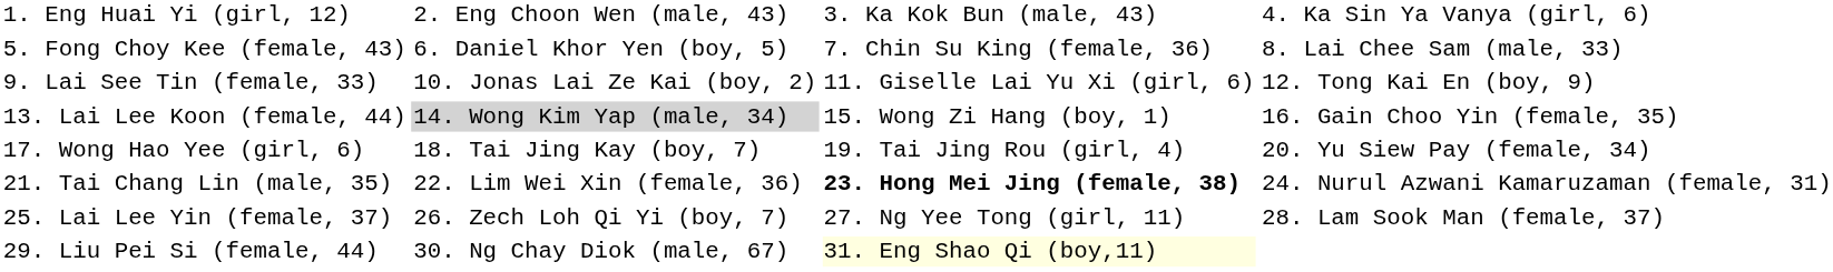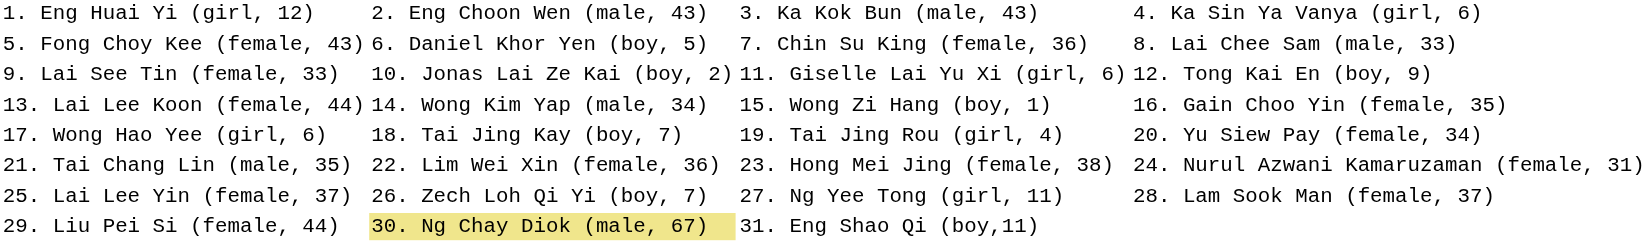 <table class="mw-collapsible mw-collapsed">
 <tr>
 <td>1. Eng Huai Yi (girl, 12)</td>
 <td>2. Eng Choon Wen (male, 43)</td>
 <td>3. Ka Kok Bun (male, 43)</td>
 <td>4. Ka Sin Ya Vanya (girl, 6)</td>
 </tr>
 <tr>
 <td>5. Fong Choy Kee (female, 43)</td>
 <td>6. Daniel Khor Yen (boy, 5)</td>
 <td>7. Chin Su King (female, 36)</td>
 <td>8. Lai Chee Sam (male, 33)</td>
 </tr>
 <tr>
 <td>9. Lai See Tin (female, 33)</td>
 <td>10. Jonas Lai Ze Kai (boy, 2)</td>
 <td>11. Giselle Lai Yu Xi (girl, 6)</td>
 <td>12. Tong Kai En (boy, 9)</td>
 </tr>
 <tr>
 <td>13. Lai Lee Koon (female, 44)</td>
-<td style="background: lightgrey;">14. Wong Kim Yap (male, 34)</td>
+<td>14. Wong Kim Yap (male, 34)</td>
 <td>15. Wong Zi Hang (boy, 1)</td>
 <td>16. Gain Choo Yin (female, 35)</td>
 </tr>
 <tr>
 <td>17. Wong Hao Yee (girl, 6)</td>
 <td>18. Tai Jing Kay (boy, 7)</td>
 <td>19. Tai Jing Rou (girl, 4)</td>
 <td>20. Yu Siew Pay (female, 34)</td>
 </tr>
 <tr>
 <td>21. Tai Chang Lin (male, 35)</td>
 <td>22. Lim Wei Xin (female, 36)</td>
-<td><strong>23. Hong Mei Jing (female, 38)</strong></td>
+<td>23. Hong Mei Jing (female, 38)</td>
 <td>24. Nurul Azwani Kamaruzaman (female, 31)</td>
 </tr>
 <tr>
 <td>25. Lai Lee Yin (female, 37)</td>
 <td>26. Zech Loh Qi Yi (boy, 7)</td>
 <td>27. Ng Yee Tong (girl, 11)</td>
 <td>28. Lam Sook Man (female, 37)</td>
 </tr>
 <tr>
 <td>29. Liu Pei Si (female, 44)</td>
-<td>30. Ng Chay Diok (male, 67)</td>
-<td style="background: lightyellow;">31. Eng Shao Qi (boy,11)</td>
+<td style="background: khaki;">30. Ng Chay Diok (male, 67)</td>
+<td>31. Eng Shao Qi (boy,11)</td>
 <td></td>
 </tr>
 </table>
